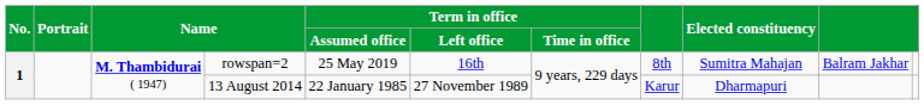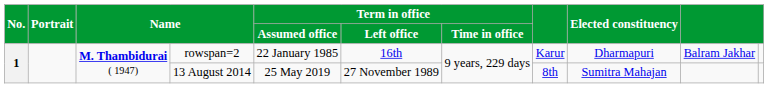 <table class="wikitable sortable" style="text-align:center;">
 <tr>
 <th rowspan=2 style="background-color:#009933;color:white">No.</th>
 <th rowspan=2 style="background-color:#009933;color:white">Portrait</th>
 <th rowspan=2 colspan=2 style="background-color:#009933;color:white">Name<br></th>
 <th colspan=3 style="background-color:#009933;color:white">Term in office</th>
 <th rowspan=2 style="background-color:#009933;color:white"><a href='#'></a><br></th>
 <th rowspan=2 style="background-color:#009933;color:white">Elected constituency</th>
 <th rowspan=2 colspan=2 style="background-color:#009933;color:white"><a href='#'></a></th>
 </tr>
 <tr>
 <th style="background-color:#009933;color:white">Assumed office</th>
 <th style="background-color:#009933;color:white">Left office</th>
 <th style="background-color:#009933;color:white">Time in office</th>
 </tr>
 <tr>
 <th rowspan=2>1</th>
 <td rowspan=2></td>
 <td rowspan=2><strong><a href='#'>M. Thambidurai</a></strong><br><small>( 1947)</small></td>
 <td>rowspan=2 </td>
-<td>25 May 2019</td>
+<td>22 January 1985</td>
 <td><a href='#'>16th</a><br></td>
 <td rowspan=2>9 years, 229 days</td>
-<td><a href='#'>8th</a><br></td>
-<td><a href='#'>Sumitra Mahajan</a></td>
+<td><a href='#'>Karur</a></td>
+<td><a href='#'>Dharmapuri</a></td>
 <td><a href='#'>Balram Jakhar</a></td>
 <td></td>
 </tr>
 <tr>
 <td>13 August 2014</td>
-<td>22 January 1985</td>
+<td>25 May 2019</td>
 <td>27 November 1989</td>
-<td><a href='#'>Karur</a></td>
-<td><a href='#'>Dharmapuri</a></td>
+<td><a href='#'>8th</a><br></td>
+<td><a href='#'>Sumitra Mahajan</a></td>
 <td></td>
 </tr>
 </table>
